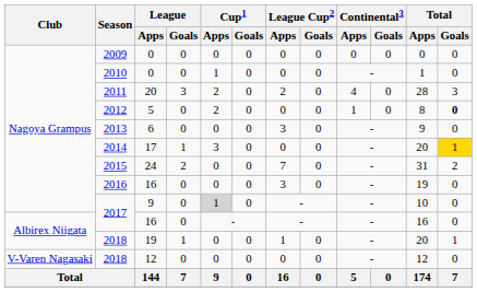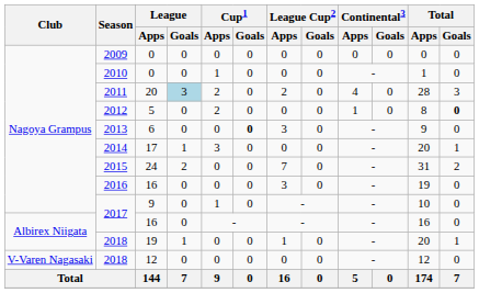 <table class="wikitable" style="text-align:center;">
 <tr>
 <th rowspan="2">Club</th>
 <th rowspan="2">Season</th>
 <th colspan="2">League</th>
 <th colspan="2">Cup<sup><a href='#'>1</a></sup></th>
 <th colspan="2">League Cup<sup><a href='#'>2</a></sup></th>
 <th colspan="2">Continental<sup><a href='#'>3</a></sup></th>
 <th colspan="2">Total</th>
 </tr>
 <tr>
 <th>Apps</th>
 <th>Goals</th>
 <th>Apps</th>
 <th>Goals</th>
 <th>Apps</th>
 <th>Goals</th>
 <th>Apps</th>
 <th>Goals</th>
 <th>Apps</th>
 <th>Goals</th>
 </tr>
 <tr>
 <td rowspan="9"><a href='#'>Nagoya Grampus</a></td>
 <td><a href='#'>2009</a></td>
 <td>0</td>
 <td>0</td>
 <td>0</td>
 <td>0</td>
 <td>0</td>
 <td>0</td>
 <td>0</td>
 <td>0</td>
 <td>0</td>
 <td>0</td>
 </tr>
 <tr>
 <td><a href='#'>2010</a></td>
 <td>0</td>
 <td>0</td>
 <td>1</td>
 <td>0</td>
 <td>0</td>
 <td>0</td>
 <td colspan="2">-</td>
 <td>1</td>
 <td>0</td>
 </tr>
 <tr>
 <td><a href='#'>2011</a></td>
 <td>20</td>
-<td>3</td>
+<td style="background: lightblue;">3</td>
 <td>2</td>
 <td>0</td>
 <td>2</td>
 <td>0</td>
 <td>4</td>
 <td>0</td>
 <td>28</td>
 <td>3</td>
 </tr>
 <tr>
 <td><a href='#'>2012</a></td>
 <td>5</td>
 <td>0</td>
 <td>2</td>
 <td>0</td>
 <td>0</td>
 <td>0</td>
 <td>1</td>
 <td>0</td>
 <td>8</td>
 <td><strong>0</strong></td>
 </tr>
 <tr>
 <td><a href='#'>2013</a></td>
 <td>6</td>
 <td>0</td>
 <td>0</td>
-<td>0</td>
+<td><strong>0</strong></td>
 <td>3</td>
 <td>0</td>
 <td colspan="2">-</td>
 <td>9</td>
 <td>0</td>
 </tr>
 <tr>
 <td><a href='#'>2014</a></td>
 <td>17</td>
 <td>1</td>
 <td>3</td>
 <td>0</td>
 <td>0</td>
 <td>0</td>
 <td colspan="2">-</td>
 <td>20</td>
-<td style="background: gold;">1</td>
+<td>1</td>
 </tr>
 <tr>
 <td><a href='#'>2015</a></td>
 <td>24</td>
 <td>2</td>
 <td>0</td>
 <td>0</td>
 <td>7</td>
 <td>0</td>
 <td colspan="2">-</td>
 <td>31</td>
 <td>2</td>
 </tr>
 <tr>
 <td><a href='#'>2016</a></td>
 <td>16</td>
 <td>0</td>
 <td>0</td>
 <td>0</td>
 <td>3</td>
 <td>0</td>
 <td colspan="2">-</td>
 <td>19</td>
 <td>0</td>
 </tr>
 <tr>
 <td rowspan="2"><a href='#'>2017</a></td>
 <td>9</td>
 <td>0</td>
-<td style="background: lightgrey;">1</td>
+<td>1</td>
 <td>0</td>
 <td colspan="2">-</td>
 <td colspan="2">-</td>
 <td>10</td>
 <td>0</td>
 </tr>
 <tr>
 <td rowspan="2"><a href='#'>Albirex Niigata</a></td>
 <td>16</td>
 <td>0</td>
 <td colspan="2">-</td>
 <td colspan="2">-</td>
 <td colspan="2">-</td>
 <td>16</td>
 <td>0</td>
 </tr>
 <tr>
 <td><a href='#'>2018</a></td>
 <td>19</td>
 <td>1</td>
 <td>0</td>
 <td>0</td>
 <td>1</td>
 <td>0</td>
 <td colspan="2">-</td>
 <td>20</td>
 <td>1</td>
 </tr>
 <tr>
 <td rowspan="1"><a href='#'>V-Varen Nagasaki</a></td>
 <td><a href='#'>2018</a></td>
 <td>12</td>
 <td>0</td>
 <td>0</td>
 <td>0</td>
 <td>0</td>
 <td>0</td>
 <td colspan="2">-</td>
 <td>12</td>
 <td>0</td>
 </tr>
 <tr>
 <th colspan="2">Total</th>
 <th>144</th>
 <th>7</th>
 <th>9</th>
 <th>0</th>
 <th>16</th>
 <th>0</th>
 <th>5</th>
 <th>0</th>
 <th>174</th>
 <th>7</th>
 </tr>
 <tr>
 </tr>
 </table>
